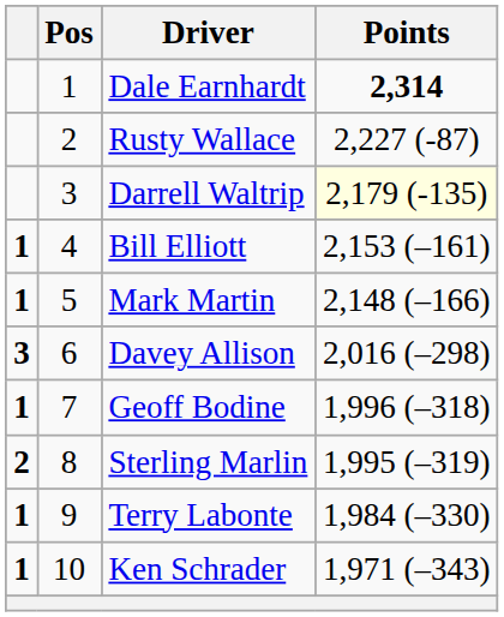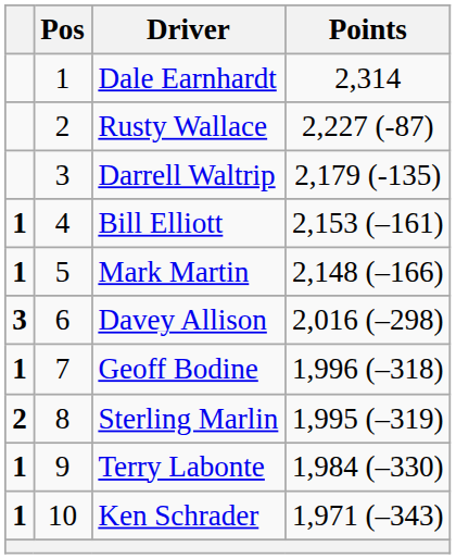 <table class="wikitable" style="font-size: 95%;">
 <tr>
 <th></th>
 <th>Pos</th>
 <th>Driver</th>
 <th>Points</th>
 </tr>
 <tr>
 <td align="left"></td>
 <td style="text-align:center;">1</td>
 <td><a href='#'>Dale Earnhardt</a></td>
-<td style="text-align:center;"><strong>2,314</strong></td>
+<td style="text-align:center;">2,314</td>
 </tr>
 <tr>
 <td align="left"></td>
 <td style="text-align:center;">2</td>
 <td><a href='#'>Rusty Wallace</a></td>
 <td style="text-align:center;">2,227 (-87)</td>
 </tr>
 <tr>
 <td align="left"></td>
 <td style="text-align:center;">3</td>
 <td><a href='#'>Darrell Waltrip</a></td>
-<td style="background: lightyellow; text-align:center;">2,179 (-135)</td>
+<td style="text-align:center;">2,179 (-135)</td>
 </tr>
 <tr>
 <td align="left">  <strong>1</strong></td>
 <td style="text-align:center;">4</td>
 <td><a href='#'>Bill Elliott</a></td>
 <td style="text-align:center;">2,153 (–161)</td>
 </tr>
 <tr>
 <td align="left">  <strong>1</strong></td>
 <td style="text-align:center;">5</td>
 <td><a href='#'>Mark Martin</a></td>
 <td style="text-align:center;">2,148 (–166)</td>
 </tr>
 <tr>
 <td align="left">  <strong>3</strong></td>
 <td style="text-align:center;">6</td>
 <td><a href='#'>Davey Allison</a></td>
 <td style="text-align:center;">2,016 (–298)</td>
 </tr>
 <tr>
 <td align="left">  <strong>1</strong></td>
 <td style="text-align:center;">7</td>
 <td><a href='#'>Geoff Bodine</a></td>
 <td style="text-align:center;">1,996 (–318)</td>
 </tr>
 <tr>
 <td align="left">  <strong>2</strong></td>
 <td style="text-align:center;">8</td>
 <td><a href='#'>Sterling Marlin</a></td>
 <td style="text-align:center;">1,995 (–319)</td>
 </tr>
 <tr>
 <td align="left">  <strong>1</strong></td>
 <td style="text-align:center;">9</td>
 <td><a href='#'>Terry Labonte</a></td>
 <td style="text-align:center;">1,984 (–330)</td>
 </tr>
 <tr>
 <td align="left">  <strong>1</strong></td>
 <td style="text-align:center;">10</td>
 <td><a href='#'>Ken Schrader</a></td>
 <td style="text-align:center;">1,971 (–343)</td>
 </tr>
 <tr class="sortbottom">
 <th colspan="9"></th>
 </tr>
 </table>
